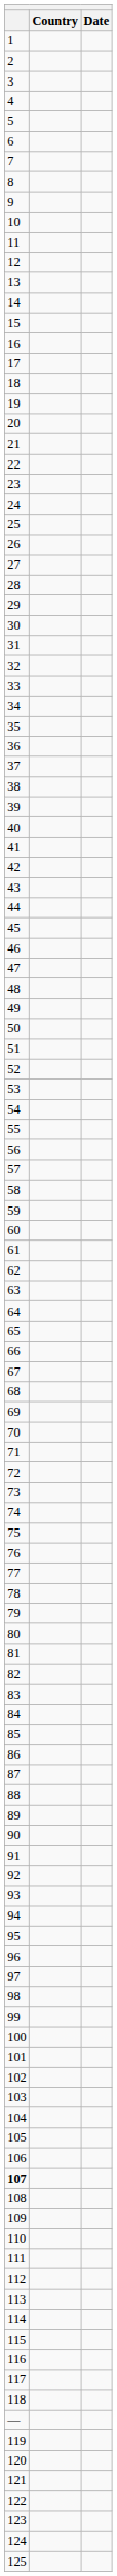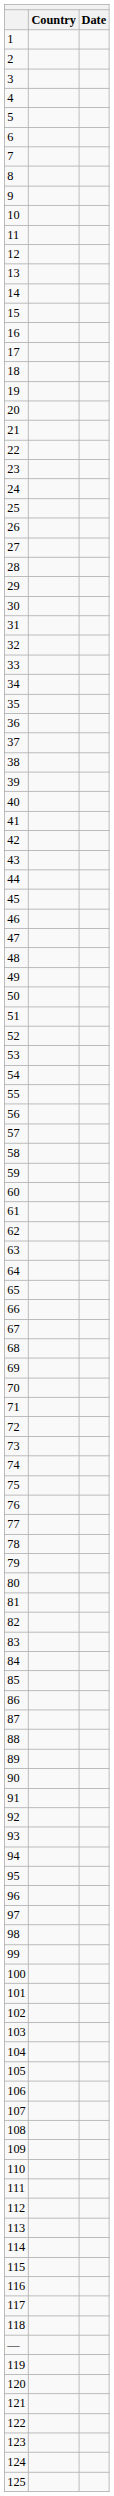 <table class="wikitable sortable">
 <tr>
 <th colspan="3"></th>
 </tr>
 <tr>
 <th></th>
 <th>Country</th>
 <th>Date</th>
 </tr>
 <tr>
 <td>1</td>
 <td></td>
 <td></td>
 </tr>
 <tr>
 <td>2</td>
 <td></td>
 <td></td>
 </tr>
 <tr>
 <td>3</td>
 <td></td>
 <td></td>
 </tr>
 <tr>
 <td>4</td>
 <td></td>
 <td></td>
 </tr>
 <tr>
 <td>5</td>
 <td></td>
 <td></td>
 </tr>
 <tr>
 <td>6</td>
 <td></td>
 <td></td>
 </tr>
 <tr>
 <td>7</td>
 <td></td>
 <td></td>
 </tr>
 <tr>
 <td>8</td>
 <td></td>
 <td></td>
 </tr>
 <tr>
 <td>9</td>
 <td></td>
 <td></td>
 </tr>
 <tr>
 <td>10</td>
 <td></td>
 <td></td>
 </tr>
 <tr>
 <td>11</td>
 <td></td>
 <td></td>
 </tr>
 <tr>
 <td>12</td>
 <td></td>
 <td></td>
 </tr>
 <tr>
 <td>13</td>
 <td></td>
 <td></td>
 </tr>
 <tr>
 <td>14</td>
 <td></td>
 <td></td>
 </tr>
 <tr>
 <td>15</td>
 <td></td>
 <td></td>
 </tr>
 <tr>
 <td>16</td>
 <td></td>
 <td></td>
 </tr>
 <tr>
 <td>17</td>
 <td></td>
 <td></td>
 </tr>
 <tr>
 <td>18</td>
 <td></td>
 <td></td>
 </tr>
 <tr>
 <td>19</td>
 <td></td>
 <td></td>
 </tr>
 <tr>
 <td>20</td>
 <td></td>
 <td></td>
 </tr>
 <tr>
 <td>21</td>
 <td></td>
 <td></td>
 </tr>
 <tr>
 <td>22</td>
 <td></td>
 <td></td>
 </tr>
 <tr>
 <td>23</td>
 <td></td>
 <td></td>
 </tr>
 <tr>
 <td>24</td>
 <td></td>
 <td></td>
 </tr>
 <tr>
 <td>25</td>
 <td></td>
 <td></td>
 </tr>
 <tr>
 <td>26</td>
 <td></td>
 <td></td>
 </tr>
 <tr>
 <td>27</td>
 <td></td>
 <td></td>
 </tr>
 <tr>
 <td>28</td>
 <td></td>
 <td></td>
 </tr>
 <tr>
 <td>29</td>
 <td></td>
 <td></td>
 </tr>
 <tr>
 <td>30</td>
 <td></td>
 <td></td>
 </tr>
 <tr>
 <td>31</td>
 <td></td>
 <td></td>
 </tr>
 <tr>
 <td>32</td>
 <td></td>
 <td></td>
 </tr>
 <tr>
 <td>33</td>
 <td></td>
 <td></td>
 </tr>
 <tr>
 <td>34</td>
 <td></td>
 <td></td>
 </tr>
 <tr>
 <td>35</td>
 <td></td>
 <td></td>
 </tr>
 <tr>
 <td>36</td>
 <td></td>
 <td></td>
 </tr>
 <tr>
 <td>37</td>
 <td></td>
 <td></td>
 </tr>
 <tr>
 <td>38</td>
 <td></td>
 <td></td>
 </tr>
 <tr>
 <td>39</td>
 <td></td>
 <td></td>
 </tr>
 <tr>
 <td>40</td>
 <td></td>
 <td></td>
 </tr>
 <tr>
 <td>41</td>
 <td></td>
 <td></td>
 </tr>
 <tr>
 <td>42</td>
 <td></td>
 <td></td>
 </tr>
 <tr>
 <td>43</td>
 <td></td>
 <td></td>
 </tr>
 <tr>
 <td>44</td>
 <td></td>
 <td></td>
 </tr>
 <tr>
 <td>45</td>
 <td></td>
 <td></td>
 </tr>
 <tr>
 <td>46</td>
 <td></td>
 <td></td>
 </tr>
 <tr>
 <td>47</td>
 <td></td>
 <td></td>
 </tr>
 <tr>
 <td>48</td>
 <td></td>
 <td></td>
 </tr>
 <tr>
 <td>49</td>
 <td></td>
 <td></td>
 </tr>
 <tr>
 <td>50</td>
 <td></td>
 <td></td>
 </tr>
 <tr>
 <td>51</td>
 <td></td>
 <td></td>
 </tr>
 <tr>
 <td>52</td>
 <td></td>
 <td></td>
 </tr>
 <tr>
 <td>53</td>
 <td></td>
 <td></td>
 </tr>
 <tr>
 <td>54</td>
 <td></td>
 <td></td>
 </tr>
 <tr>
 <td>55</td>
 <td></td>
 <td></td>
 </tr>
 <tr>
 <td>56</td>
 <td></td>
 <td></td>
 </tr>
 <tr>
 <td>57</td>
 <td></td>
 <td></td>
 </tr>
 <tr>
 <td>58</td>
 <td></td>
 <td></td>
 </tr>
 <tr>
 <td>59</td>
 <td></td>
 <td></td>
 </tr>
 <tr>
 <td>60</td>
 <td></td>
 <td></td>
 </tr>
 <tr>
 <td>61</td>
 <td></td>
 <td></td>
 </tr>
 <tr>
 <td>62</td>
 <td></td>
 <td></td>
 </tr>
 <tr>
 <td>63</td>
 <td></td>
 <td></td>
 </tr>
 <tr>
 <td>64</td>
 <td></td>
 <td></td>
 </tr>
 <tr>
 <td>65</td>
 <td></td>
 <td></td>
 </tr>
 <tr>
 <td>66</td>
 <td></td>
 <td></td>
 </tr>
 <tr>
 <td>67</td>
 <td></td>
 <td></td>
 </tr>
 <tr>
 <td>68</td>
 <td></td>
 <td></td>
 </tr>
 <tr>
 <td>69</td>
 <td></td>
 <td></td>
 </tr>
 <tr>
 <td>70</td>
 <td></td>
 <td></td>
 </tr>
 <tr>
 <td>71</td>
 <td></td>
 <td></td>
 </tr>
 <tr>
 <td>72</td>
 <td></td>
 <td></td>
 </tr>
 <tr>
 <td>73</td>
 <td></td>
 <td></td>
 </tr>
 <tr>
 <td>74</td>
 <td></td>
 <td></td>
 </tr>
 <tr>
 <td>75</td>
 <td></td>
 <td></td>
 </tr>
 <tr>
 <td>76</td>
 <td></td>
 <td></td>
 </tr>
 <tr>
 <td>77</td>
 <td></td>
 <td></td>
 </tr>
 <tr>
 <td>78</td>
 <td></td>
 <td></td>
 </tr>
 <tr>
 <td>79</td>
 <td></td>
 <td></td>
 </tr>
 <tr>
 <td>80</td>
 <td></td>
 <td></td>
 </tr>
 <tr>
 <td>81</td>
 <td></td>
 <td></td>
 </tr>
 <tr>
 <td>82</td>
 <td></td>
 <td></td>
 </tr>
 <tr>
 <td>83</td>
 <td></td>
 <td></td>
 </tr>
 <tr>
 <td>84</td>
 <td></td>
 <td></td>
 </tr>
 <tr>
 <td>85</td>
 <td></td>
 <td></td>
 </tr>
 <tr>
 <td>86</td>
 <td></td>
 <td></td>
 </tr>
 <tr>
 <td>87</td>
 <td></td>
 <td></td>
 </tr>
 <tr>
 <td>88</td>
 <td></td>
 <td></td>
 </tr>
 <tr>
 <td>89</td>
 <td></td>
 <td></td>
 </tr>
 <tr>
 <td>90</td>
 <td></td>
 <td></td>
 </tr>
 <tr>
 <td>91</td>
 <td></td>
 <td></td>
 </tr>
 <tr>
 <td>92</td>
 <td></td>
 <td></td>
 </tr>
 <tr>
 <td>93</td>
 <td></td>
 <td></td>
 </tr>
 <tr>
 <td>94</td>
 <td></td>
 <td></td>
 </tr>
 <tr>
 <td>95</td>
 <td></td>
 <td></td>
 </tr>
 <tr>
 <td>96</td>
 <td></td>
 <td></td>
 </tr>
 <tr>
 <td>97</td>
 <td></td>
 <td></td>
 </tr>
 <tr>
 <td>98</td>
 <td></td>
 <td></td>
 </tr>
 <tr>
 <td>99</td>
 <td></td>
 <td></td>
 </tr>
 <tr>
 <td>100</td>
 <td></td>
 <td></td>
 </tr>
 <tr>
 <td>101</td>
 <td></td>
 <td></td>
 </tr>
 <tr>
 <td>102</td>
 <td></td>
 <td></td>
 </tr>
 <tr>
 <td>103</td>
 <td></td>
 <td></td>
 </tr>
 <tr>
 <td>104</td>
 <td></td>
 <td></td>
 </tr>
 <tr>
 <td>105</td>
 <td></td>
 <td></td>
 </tr>
 <tr>
 <td>106</td>
 <td></td>
 <td></td>
 </tr>
 <tr>
-<td><strong>107</strong></td>
+<td>107</td>
 <td></td>
 <td></td>
 </tr>
 <tr>
 <td>108</td>
 <td></td>
 <td></td>
 </tr>
 <tr>
 <td>109</td>
 <td></td>
 <td></td>
 </tr>
 <tr>
 <td>110</td>
 <td></td>
 <td></td>
 </tr>
 <tr>
 <td>111</td>
 <td></td>
 <td></td>
 </tr>
 <tr>
 <td>112</td>
 <td></td>
 <td></td>
 </tr>
 <tr>
 <td>113</td>
 <td></td>
 <td></td>
 </tr>
 <tr>
 <td>114</td>
 <td></td>
 <td></td>
 </tr>
 <tr>
 <td>115</td>
 <td></td>
 <td></td>
 </tr>
 <tr>
 <td>116</td>
 <td></td>
 <td></td>
 </tr>
 <tr>
 <td>117</td>
 <td></td>
 <td></td>
 </tr>
 <tr>
 <td>118</td>
 <td></td>
 <td></td>
 </tr>
 <tr>
 <td>—</td>
 <td></td>
 <td></td>
 </tr>
 <tr>
 <td>119</td>
 <td></td>
 <td></td>
 </tr>
 <tr>
 <td>120</td>
 <td></td>
 <td></td>
 </tr>
 <tr>
 <td>121</td>
 <td></td>
 <td></td>
 </tr>
 <tr>
 <td>122</td>
 <td></td>
 <td></td>
 </tr>
 <tr>
 <td>123</td>
 <td></td>
 <td></td>
 </tr>
 <tr>
 <td>124</td>
 <td></td>
 <td></td>
 </tr>
 <tr>
 <td>125</td>
 <td></td>
 <td></td>
 </tr>
 </table>
